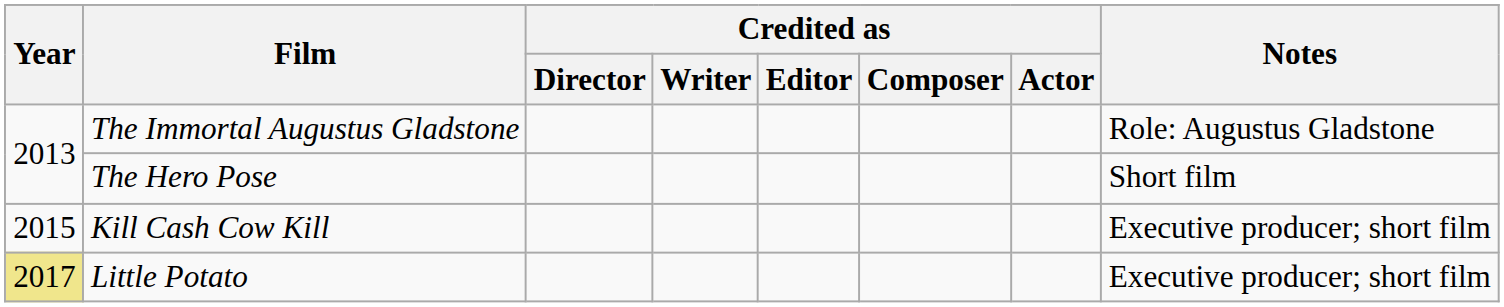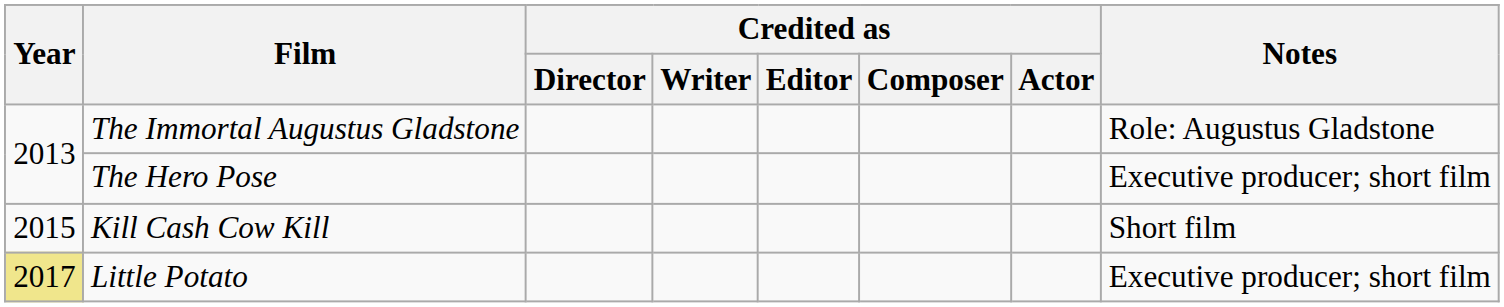 <table class="wikitable">
 <tr>
 <th rowspan="2" style="width:33px;">Year</th>
 <th rowspan="2">Film</th>
 <th colspan="5">Credited as</th>
 <th rowspan="2">Notes</th>
 </tr>
 <tr>
 <th width=20>Director</th>
 <th width=20>Writer</th>
 <th width=20>Editor</th>
 <th width=20>Composer</th>
 <th width=20>Actor</th>
 </tr>
 <tr style="text-align:center;">
 <td rowspan="2">2013</td>
 <td style="text-align:left;"><em>The Immortal Augustus Gladstone</em></td>
 <td></td>
 <td></td>
 <td></td>
 <td></td>
 <td></td>
 <td style="text-align:left;">Role: Augustus Gladstone</td>
 </tr>
 <tr style="text-align:center;">
 <td style="text-align:left;"><em>The Hero Pose</em></td>
 <td></td>
 <td></td>
 <td></td>
 <td></td>
 <td></td>
-<td style="text-align:left;">Short film</td>
+<td style="text-align:left;">Executive producer; short film</td>
 </tr>
 <tr style="text-align:center;">
 <td>2015</td>
 <td style="text-align:left;"><em>Kill Cash Cow Kill</em></td>
 <td></td>
 <td></td>
 <td></td>
 <td></td>
 <td></td>
-<td style="text-align:left;">Executive producer; short film</td>
+<td style="text-align:left;">Short film</td>
 </tr>
 <tr style="text-align:center;">
 <td style="background: khaki;">2017</td>
 <td style="text-align:left;"><em>Little Potato</em></td>
 <td></td>
 <td></td>
 <td></td>
 <td></td>
 <td></td>
 <td style="text-align:left;">Executive producer; short film</td>
 </tr>
 </table>
